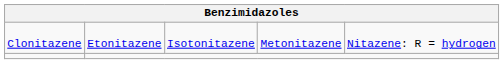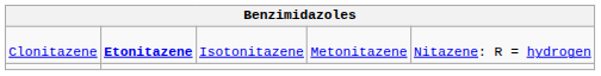 <table class="wikitable" style="font-size:smaller; text-align:center">
 <tr>
 <th colspan="5">Benzimidazoles</th>
 </tr>
 <tr>
 <td><br><a href='#'>Clonitazene</a></td>
-<td><br><a href='#'>Etonitazene</a></td>
+<td><strong><br><a href='#'>Etonitazene</a></strong></td>
 <td><br><a href='#'>Isotonitazene</a></td>
 <td><br><a href='#'>Metonitazene</a></td>
 <td><br><a href='#'>Nitazene</a>: R = <a href='#'>hydrogen</a></td>
 </tr>
 <tr>
 <td></td>
 </tr>
 </table>
